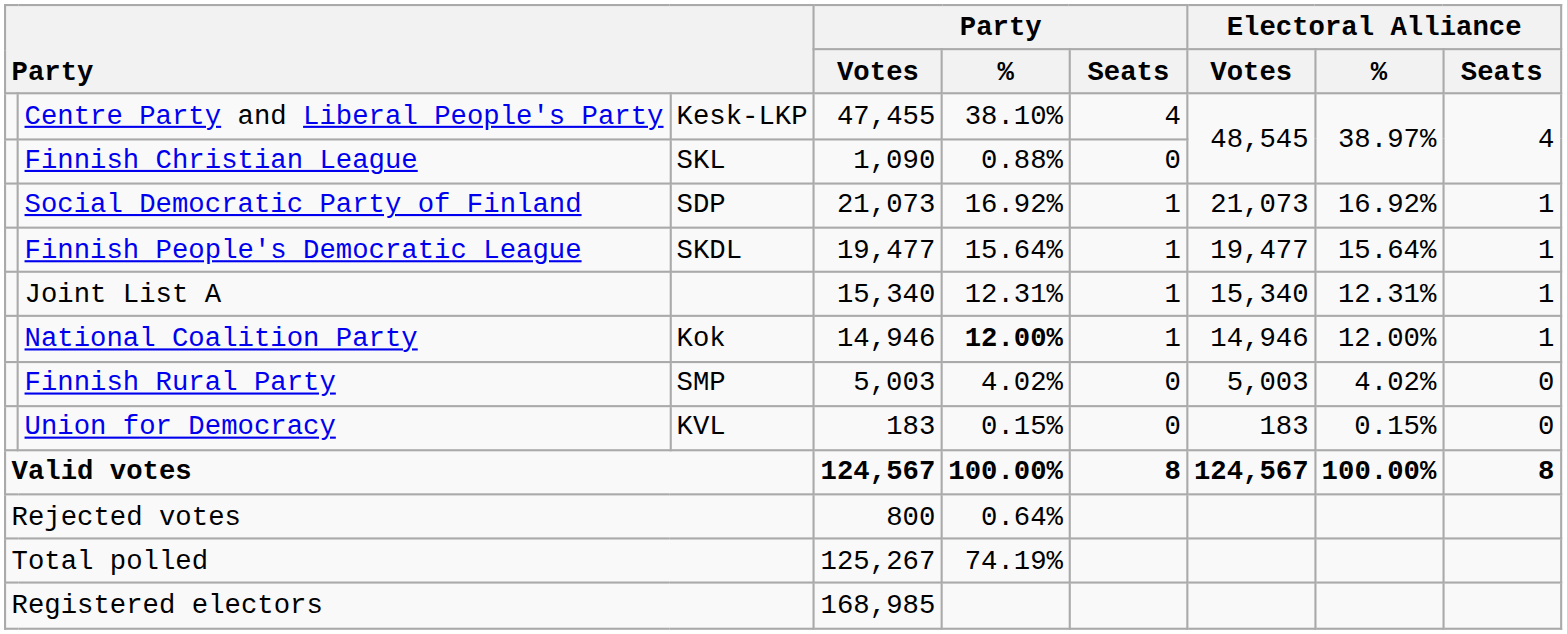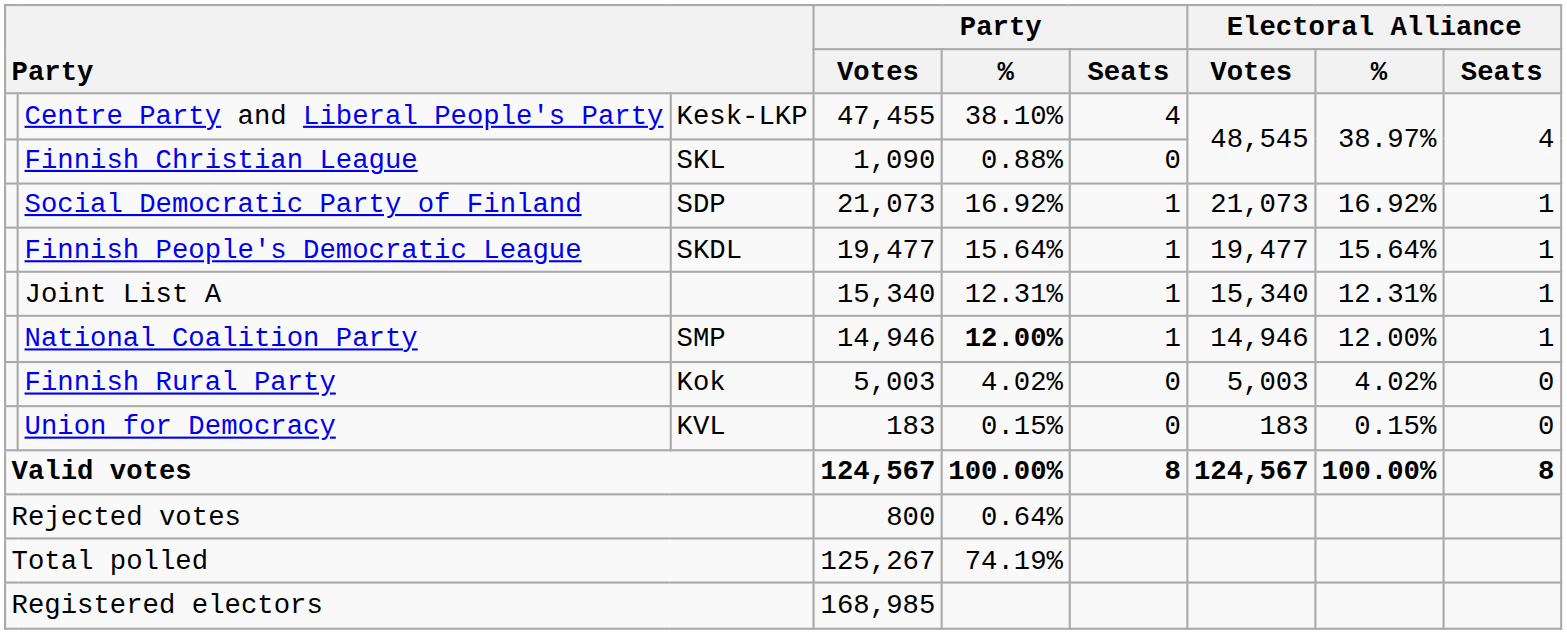 <table class="wikitable" border="1" style="text-align:right;">
 <tr>
 <th style="text-align:left;" valign=bottom rowspan=2 colspan=3>Party</th>
 <th colspan=3>Party</th>
 <th colspan=3>Electoral Alliance</th>
 </tr>
 <tr>
 <th align=center valign=bottom width="50">Votes</th>
 <th align=center valign=bottom width="50">%</th>
 <th align=center valign=bottom width="50">Seats</th>
 <th align=center valign=bottom width="50">Votes</th>
 <th align=center valign=bottom width="50">%</th>
 <th align=center valign=bottom width="50">Seats</th>
 </tr>
 <tr>
 <td></td>
 <td align=left><a href='#'>Centre Party</a> and <a href='#'>Liberal People's Party</a></td>
 <td align=left>Kesk-LKP</td>
 <td>47,455</td>
 <td>38.10%</td>
 <td>4</td>
 <td rowspan=2>48,545</td>
 <td rowspan=2>38.97%</td>
 <td rowspan=2>4</td>
 </tr>
 <tr>
 <td></td>
 <td align=left><a href='#'>Finnish Christian League</a></td>
 <td align=left>SKL</td>
 <td>1,090</td>
 <td>0.88%</td>
 <td>0</td>
 </tr>
 <tr>
 <td></td>
 <td align=left style="white-space: nowrap;"><a href='#'>Social Democratic Party of Finland</a></td>
 <td align=left>SDP</td>
 <td>21,073</td>
 <td>16.92%</td>
 <td>1</td>
 <td>21,073</td>
 <td>16.92%</td>
 <td>1</td>
 </tr>
 <tr>
 <td></td>
 <td align=left><a href='#'>Finnish People's Democratic League</a></td>
 <td align=left>SKDL</td>
 <td>19,477</td>
 <td>15.64%</td>
 <td>1</td>
 <td>19,477</td>
 <td>15.64%</td>
 <td>1</td>
 </tr>
 <tr>
 <td></td>
 <td align=left>Joint List A</td>
 <td align=left></td>
 <td>15,340</td>
 <td>12.31%</td>
 <td>1</td>
 <td>15,340</td>
 <td>12.31%</td>
 <td>1</td>
 </tr>
 <tr>
 <td></td>
 <td align=left><a href='#'>National Coalition Party</a></td>
-<td align=left>Kok</td>
+<td align=left>SMP</td>
 <td>14,946</td>
 <td><strong>12.00%</strong></td>
 <td>1</td>
 <td>14,946</td>
 <td>12.00%</td>
 <td>1</td>
 </tr>
 <tr>
 <td></td>
 <td align=left><a href='#'>Finnish Rural Party</a></td>
-<td align=left>SMP</td>
+<td align=left>Kok</td>
 <td>5,003</td>
 <td>4.02%</td>
 <td>0</td>
 <td>5,003</td>
 <td>4.02%</td>
 <td>0</td>
 </tr>
 <tr>
 <td></td>
 <td align=left><a href='#'>Union for Democracy</a></td>
 <td align=left>KVL</td>
 <td>183</td>
 <td>0.15%</td>
 <td>0</td>
 <td>183</td>
 <td>0.15%</td>
 <td>0</td>
 </tr>
 <tr style="font-weight:bold">
 <td align=left colspan=3>Valid votes</td>
 <td>124,567</td>
 <td>100.00%</td>
 <td>8</td>
 <td>124,567</td>
 <td>100.00%</td>
 <td>8</td>
 </tr>
 <tr>
 <td align=left colspan=3>Rejected votes</td>
 <td>800</td>
 <td>0.64%</td>
 <td></td>
 <td></td>
 <td></td>
 <td></td>
 </tr>
 <tr>
 <td align=left colspan=3>Total polled</td>
 <td>125,267</td>
 <td>74.19%</td>
 <td></td>
 <td></td>
 <td></td>
 <td></td>
 </tr>
 <tr>
 <td align=left colspan=3>Registered electors</td>
 <td>168,985</td>
 <td></td>
 <td></td>
 <td></td>
 <td></td>
 <td></td>
 </tr>
 </table>
